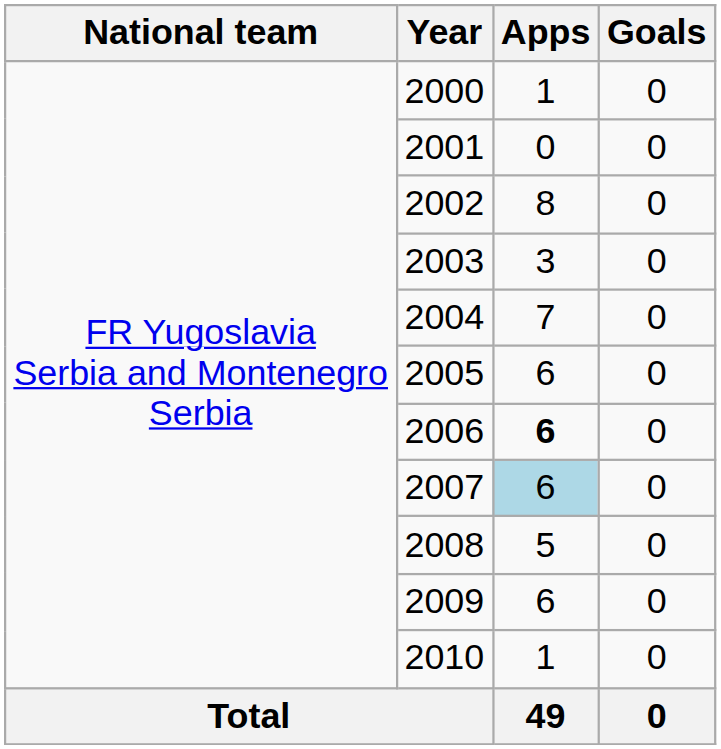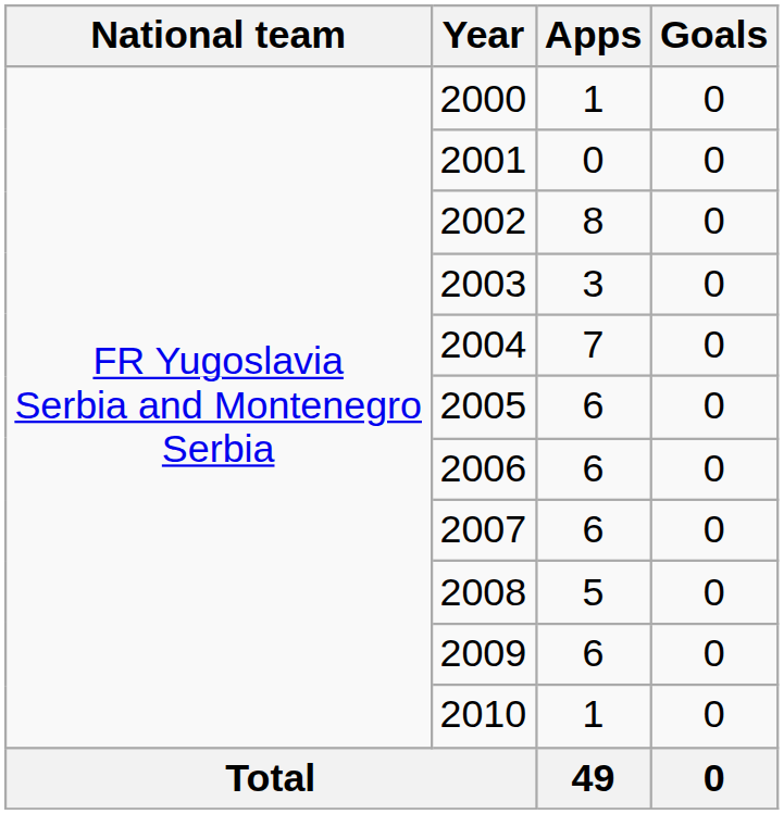 <table class="wikitable" style="text-align:center">
 <tr>
 <th>National team</th>
 <th>Year</th>
 <th>Apps</th>
 <th>Goals</th>
 </tr>
 <tr>
 <td rowspan="11"><a href='#'>FR Yugoslavia</a><br><a href='#'>Serbia and Montenegro</a><br><a href='#'>Serbia</a></td>
 <td>2000</td>
 <td>1</td>
 <td>0</td>
 </tr>
 <tr>
 <td>2001</td>
 <td>0</td>
 <td>0</td>
 </tr>
 <tr>
 <td>2002</td>
 <td>8</td>
 <td>0</td>
 </tr>
 <tr>
 <td>2003</td>
 <td>3</td>
 <td>0</td>
 </tr>
 <tr>
 <td>2004</td>
 <td>7</td>
 <td>0</td>
 </tr>
 <tr>
 <td>2005</td>
 <td>6</td>
 <td>0</td>
 </tr>
 <tr>
 <td>2006</td>
-<td><strong>6</strong></td>
+<td>6</td>
 <td>0</td>
 </tr>
 <tr>
 <td>2007</td>
-<td style="background: lightblue;">6</td>
+<td>6</td>
 <td>0</td>
 </tr>
 <tr>
 <td>2008</td>
 <td>5</td>
 <td>0</td>
 </tr>
 <tr>
 <td>2009</td>
 <td>6</td>
 <td>0</td>
 </tr>
 <tr>
 <td>2010</td>
 <td>1</td>
 <td>0</td>
 </tr>
 <tr>
 <th colspan="2">Total</th>
 <th>49</th>
 <th>0</th>
 </tr>
 </table>
